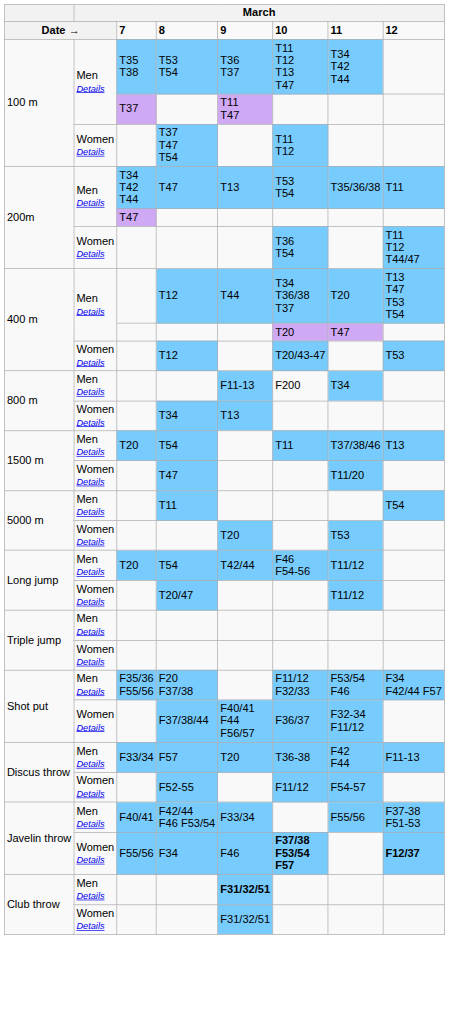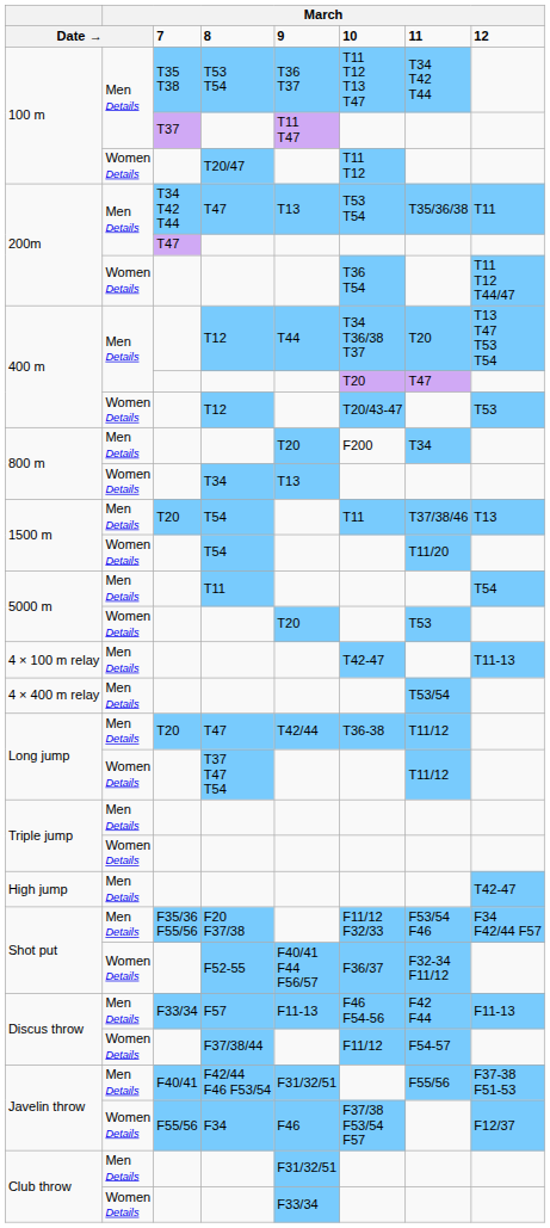 <table class="wikitable">
 <tr>
 <th></th>
 <th colspan="7">March</th>
 </tr>
 <tr>
 <th colspan="2">Date →</th>
 <td><strong>7</strong></td>
 <td><strong>8</strong></td>
 <td><strong>9</strong></td>
 <td><strong>10</strong></td>
 <td><strong>11</strong></td>
 <td><strong>12</strong></td>
 </tr>
 <tr>
 <td rowspan="3">100 m</td>
 <td rowspan="2">Men<br><small><em><a href='#'>Details</a></em></small></td>
 <td bgcolor="#78cbfd">T35<br>T38</td>
 <td bgcolor="#78cbfd">T53<br>T54</td>
 <td bgcolor="#78cbfd">T36<br>T37</td>
 <td bgcolor="#78cbfd">T11<br>T12<br>T13<br>T47</td>
 <td bgcolor="#78cbfd">T34<br>T42<br>T44</td>
 <td></td>
 </tr>
 <tr>
 <td bgcolor="#D0A9F5">T37</td>
 <td></td>
 <td bgcolor="#D0A9F5">T11<br>T47</td>
 <td></td>
 <td></td>
 <td></td>
 </tr>
 <tr>
 <td>Women<br><small><em><a href='#'>Details</a></em></small></td>
 <td></td>
-<td bgcolor="#78cbfd">T37<br>T47<br>T54</td>
+<td bgcolor="#78cbfd">T20/47</td>
 <td></td>
 <td bgcolor="#78cbfd">T11<br>T12</td>
 <td></td>
 <td></td>
 </tr>
 <tr>
 <td rowspan="3">200m</td>
 <td rowspan="2">Men<br><small><em><a href='#'>Details</a></em></small></td>
 <td bgcolor="#78cbfd">T34<br>T42<br>T44</td>
 <td bgcolor="#78cbfd">T47</td>
 <td bgcolor="#78cbfd">T13</td>
 <td bgcolor="#78cbfd">T53<br>T54</td>
 <td bgcolor="#78cbfd">T35/36/38</td>
 <td bgcolor="#78cbfd">T11</td>
 </tr>
 <tr>
 <td bgcolor="#D0A9F5">T47</td>
 <td></td>
 <td></td>
 <td></td>
 <td></td>
 <td></td>
 </tr>
 <tr>
 <td>Women<br><small><em><a href='#'>Details</a></em></small></td>
 <td></td>
 <td></td>
 <td></td>
 <td bgcolor="#78cbfd">T36<br>T54</td>
 <td></td>
 <td bgcolor="#78cbfd">T11<br>T12<br>T44/47</td>
 </tr>
 <tr>
 <td rowspan="3">400 m</td>
 <td rowspan="2">Men<br><small><em><a href='#'>Details</a></em></small></td>
 <td></td>
 <td bgcolor="#78cbfd">T12</td>
 <td bgcolor="#78cbfd">T44</td>
 <td bgcolor="#78cbfd">T34<br>T36/38<br>T37</td>
 <td bgcolor="#78cbfd">T20</td>
 <td bgcolor="#78cbfd">T13<br>T47<br>T53<br>T54</td>
 </tr>
 <tr>
 <td></td>
 <td></td>
 <td></td>
 <td bgcolor="#D0A9F5">T20</td>
 <td bgcolor="#D0A9F5">T47</td>
 <td></td>
 </tr>
 <tr>
 <td>Women<br><small><em><a href='#'>Details</a></em></small></td>
 <td></td>
 <td bgcolor="#78cbfd">T12</td>
 <td></td>
 <td bgcolor="#78cbfd">T20/43-47</td>
 <td></td>
 <td bgcolor="#78cbfd">T53</td>
 </tr>
 <tr>
 <td rowspan="2">800 m</td>
 <td>Men<br><small><em><a href='#'>Details</a></em></small></td>
 <td></td>
 <td></td>
-<td bgcolor="#78cbfd">F11-13</td>
+<td bgcolor="#78cbfd">T20</td>
 <td>F200</td>
 <td bgcolor="#78cbfd">T34</td>
 <td></td>
 </tr>
 <tr>
 <td>Women<br><small><em><a href='#'>Details</a></em></small></td>
 <td></td>
 <td bgcolor="#78cbfd">T34</td>
 <td bgcolor="#78cbfd">T13</td>
 <td></td>
 <td></td>
 <td></td>
 </tr>
 <tr>
 <td rowspan="2">1500 m</td>
 <td>Men<br><small><em><a href='#'>Details</a></em></small></td>
 <td bgcolor="#78cbfd">T20</td>
 <td bgcolor="#78cbfd">T54</td>
 <td></td>
 <td bgcolor="#78cbfd">T11</td>
 <td bgcolor="#78cbfd">T37/38/46</td>
 <td bgcolor="#78cbfd">T13</td>
 </tr>
 <tr>
 <td>Women<br><small><em><a href='#'>Details</a></em></small></td>
 <td></td>
-<td bgcolor="#78cbfd">T47</td>
+<td bgcolor="#78cbfd">T54</td>
 <td></td>
 <td></td>
 <td bgcolor="#78cbfd">T11/20</td>
 <td></td>
 </tr>
 <tr>
 <td rowspan="2">5000 m</td>
 <td>Men<br><small><em><a href='#'>Details</a></em></small></td>
 <td></td>
 <td bgcolor="#78cbfd">T11</td>
 <td></td>
 <td></td>
 <td></td>
 <td bgcolor="#78cbfd">T54</td>
 </tr>
 <tr>
 <td>Women<br><small><em><a href='#'>Details</a></em></small></td>
 <td></td>
 <td></td>
 <td bgcolor="#78cbfd">T20</td>
 <td></td>
 <td bgcolor="#78cbfd">T53</td>
 <td></td>
 </tr>
 <tr>
+<td>4 × 100 m relay</td>
+<td>Men<br><small><em><a href='#'>Details</a></em></small></td>
+<td></td>
+<td></td>
+<td></td>
+<td bgcolor="#78cbfd">T42-47</td>
+<td></td>
+<td bgcolor="#78cbfd">T11-13</td>
+</tr>
+<tr>
+<td>4 × 400 m relay</td>
+<td>Men<br><small><em><a href='#'>Details</a></em></small></td>
+<td></td>
+<td></td>
+<td></td>
+<td></td>
+<td bgcolor="#78cbfd">T53/54</td>
+<td></td>
+</tr>
+<tr>
 <td rowspan="2">Long jump</td>
 <td>Men<br><small><em><a href='#'>Details</a></em></small></td>
 <td bgcolor="#78cbfd">T20</td>
-<td bgcolor="#78cbfd">T54</td>
+<td bgcolor="#78cbfd">T47</td>
 <td bgcolor="#78cbfd">T42/44</td>
-<td bgcolor="#78cbfd">F46<br>F54-56</td>
+<td bgcolor="#78cbfd">T36-38</td>
 <td bgcolor="#78cbfd">T11/12</td>
 <td></td>
 </tr>
 <tr>
 <td>Women<br><small><em><a href='#'>Details</a></em></small></td>
 <td></td>
-<td bgcolor="#78cbfd">T20/47</td>
+<td bgcolor="#78cbfd">T37<br>T47<br>T54</td>
 <td></td>
 <td></td>
 <td bgcolor="#78cbfd">T11/12</td>
 <td></td>
 </tr>
 <tr>
 <td rowspan="2">Triple jump</td>
 <td>Men<br><small><em><a href='#'>Details</a></em></small></td>
 <td></td>
 <td></td>
 <td></td>
 <td></td>
 <td></td>
 <td></td>
 </tr>
 <tr>
 <td>Women<br><small><em><a href='#'>Details</a></em></small></td>
 <td></td>
 <td></td>
 <td></td>
 <td></td>
 <td></td>
 <td></td>
 </tr>
 <tr>
+<td>High jump</td>
+<td>Men<br><small><em><a href='#'>Details</a></em></small></td>
+<td></td>
+<td></td>
+<td></td>
+<td></td>
+<td></td>
+<td bgcolor="#78cbfd">T42-47</td>
+</tr>
+<tr>
 <td rowspan="2">Shot put</td>
 <td>Men<br><small><em><a href='#'>Details</a></em></small></td>
 <td bgcolor="#78cbfd">F35/36<br>F55/56</td>
 <td bgcolor="#78cbfd">F20<br>F37/38</td>
 <td></td>
 <td bgcolor="#78cbfd">F11/12<br>F32/33</td>
 <td bgcolor="#78cbfd">F53/54<br>F46</td>
 <td bgcolor="#78cbfd">F34<br>F42/44 F57</td>
 </tr>
 <tr>
 <td>Women<br><small><em><a href='#'>Details</a></em></small></td>
 <td></td>
-<td bgcolor="#78cbfd">F37/38/44</td>
+<td bgcolor="#78cbfd">F52-55</td>
 <td bgcolor="#78cbfd">F40/41<br>F44<br>F56/57</td>
 <td bgcolor="#78cbfd">F36/37</td>
 <td bgcolor="#78cbfd">F32-34<br>F11/12</td>
 <td></td>
 </tr>
 <tr>
 <td rowspan="2">Discus throw</td>
 <td>Men<br><small><em><a href='#'>Details</a></em></small></td>
 <td bgcolor="#78cbfd">F33/34</td>
 <td bgcolor="#78cbfd">F57</td>
-<td bgcolor="#78cbfd">T20</td>
-<td bgcolor="#78cbfd">T36-38</td>
+<td bgcolor="#78cbfd">F11-13</td>
+<td bgcolor="#78cbfd">F46<br>F54-56</td>
 <td bgcolor="#78cbfd">F42<br>F44</td>
 <td bgcolor="#78cbfd">F11-13</td>
 </tr>
 <tr>
 <td>Women<br><small><em><a href='#'>Details</a></em></small></td>
 <td></td>
-<td bgcolor="#78cbfd">F52-55</td>
+<td bgcolor="#78cbfd">F37/38/44</td>
 <td></td>
 <td bgcolor="#78cbfd">F11/12</td>
 <td bgcolor="#78cbfd">F54-57</td>
 <td></td>
 </tr>
 <tr>
 <td rowspan="2">Javelin throw</td>
 <td>Men<br><small><em><a href='#'>Details</a></em></small></td>
 <td bgcolor="#78cbfd">F40/41</td>
 <td bgcolor="#78cbfd">F42/44<br>F46 F53/54</td>
-<td bgcolor="#78cbfd">F33/34</td>
+<td bgcolor="#78cbfd">F31/32/51</td>
 <td></td>
 <td bgcolor="#78cbfd">F55/56</td>
 <td bgcolor="#78cbfd">F37-38<br>F51-53</td>
 </tr>
 <tr>
 <td>Women<br><small><em><a href='#'>Details</a></em></small></td>
 <td bgcolor="#78cbfd">F55/56</td>
 <td bgcolor="#78cbfd">F34</td>
 <td bgcolor="#78cbfd">F46</td>
-<td bgcolor="#78cbfd"><strong>F37/38<br>F53/54<br>F57</strong></td>
+<td bgcolor="#78cbfd">F37/38<br>F53/54<br>F57</td>
 <td></td>
-<td bgcolor="#78cbfd"><strong>F12/37</strong></td>
+<td bgcolor="#78cbfd">F12/37</td>
 </tr>
 <tr>
 <td rowspan="2">Club throw</td>
 <td>Men<br><small><em><a href='#'>Details</a></em></small></td>
 <td></td>
 <td></td>
-<td bgcolor="#78cbfd"><strong>F31/32/51</strong></td>
+<td bgcolor="#78cbfd">F31/32/51</td>
 <td></td>
 <td></td>
 <td></td>
 </tr>
 <tr>
 <td>Women<br><small><em><a href='#'>Details</a></em></small></td>
 <td></td>
 <td></td>
-<td bgcolor="#78cbfd">F31/32/51</td>
+<td bgcolor="#78cbfd">F33/34</td>
 <td></td>
 <td></td>
 <td></td>
 </tr>
 </table>
